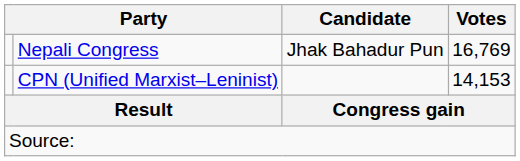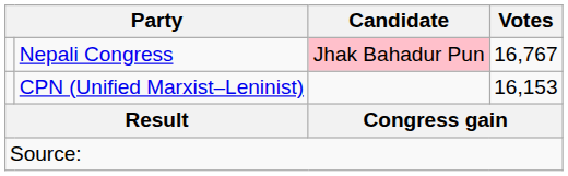 <table class="wikitable">
 <tr>
 <th colspan="2">Party</th>
 <th>Candidate</th>
 <th>Votes</th>
 </tr>
 <tr>
 <td style="background-color:"></td>
 <td><a href='#'>Nepali Congress</a></td>
-<td>Jhak Bahadur Pun</td>
-<td>16,769</td>
+<td style="background: pink;">Jhak Bahadur Pun</td>
+<td>16,767</td>
 </tr>
 <tr>
 <td style="background-color:"></td>
 <td><a href='#'>CPN (Unified Marxist–Leninist)</a></td>
 <td></td>
-<td>14,153</td>
+<td>16,153</td>
 </tr>
 <tr>
 <th colspan="2">Result</th>
 <th colspan="2">Congress gain</th>
 </tr>
 <tr>
 <td colspan="4">Source: </td>
 </tr>
 </table>
